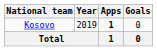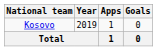 <table class=wikitable style="text-align: center;">
 <tr>
 <th>National team</th>
 <th>Year</th>
 <th>Apps</th>
 <th>Goals</th>
 </tr>
 <tr>
 <td><a href='#'>Kosovo</a></td>
 <td>2019</td>
-<td><strong>1</strong></td>
+<td>1</td>
 <td>0</td>
 </tr>
 <tr>
 <th colspan=2>Total</th>
 <th>1</th>
 <th>0</th>
 </tr>
 </table>
